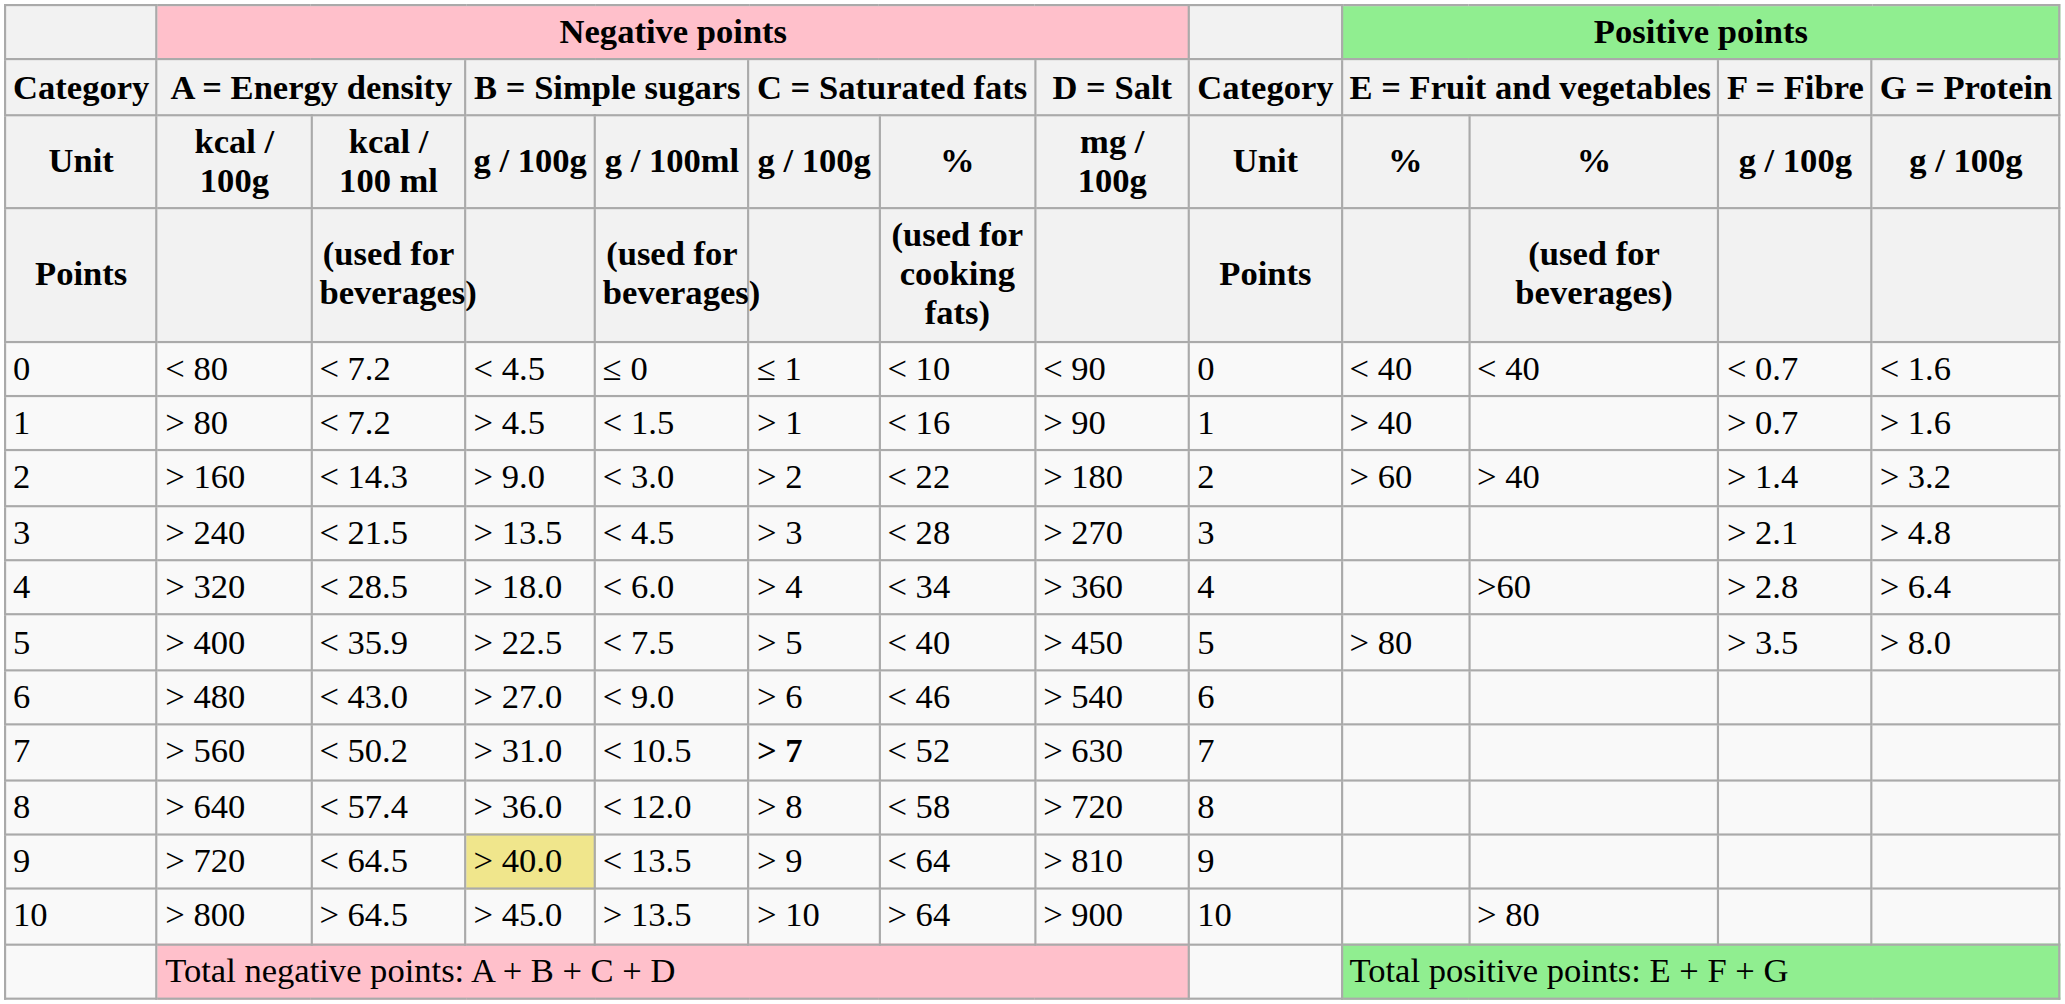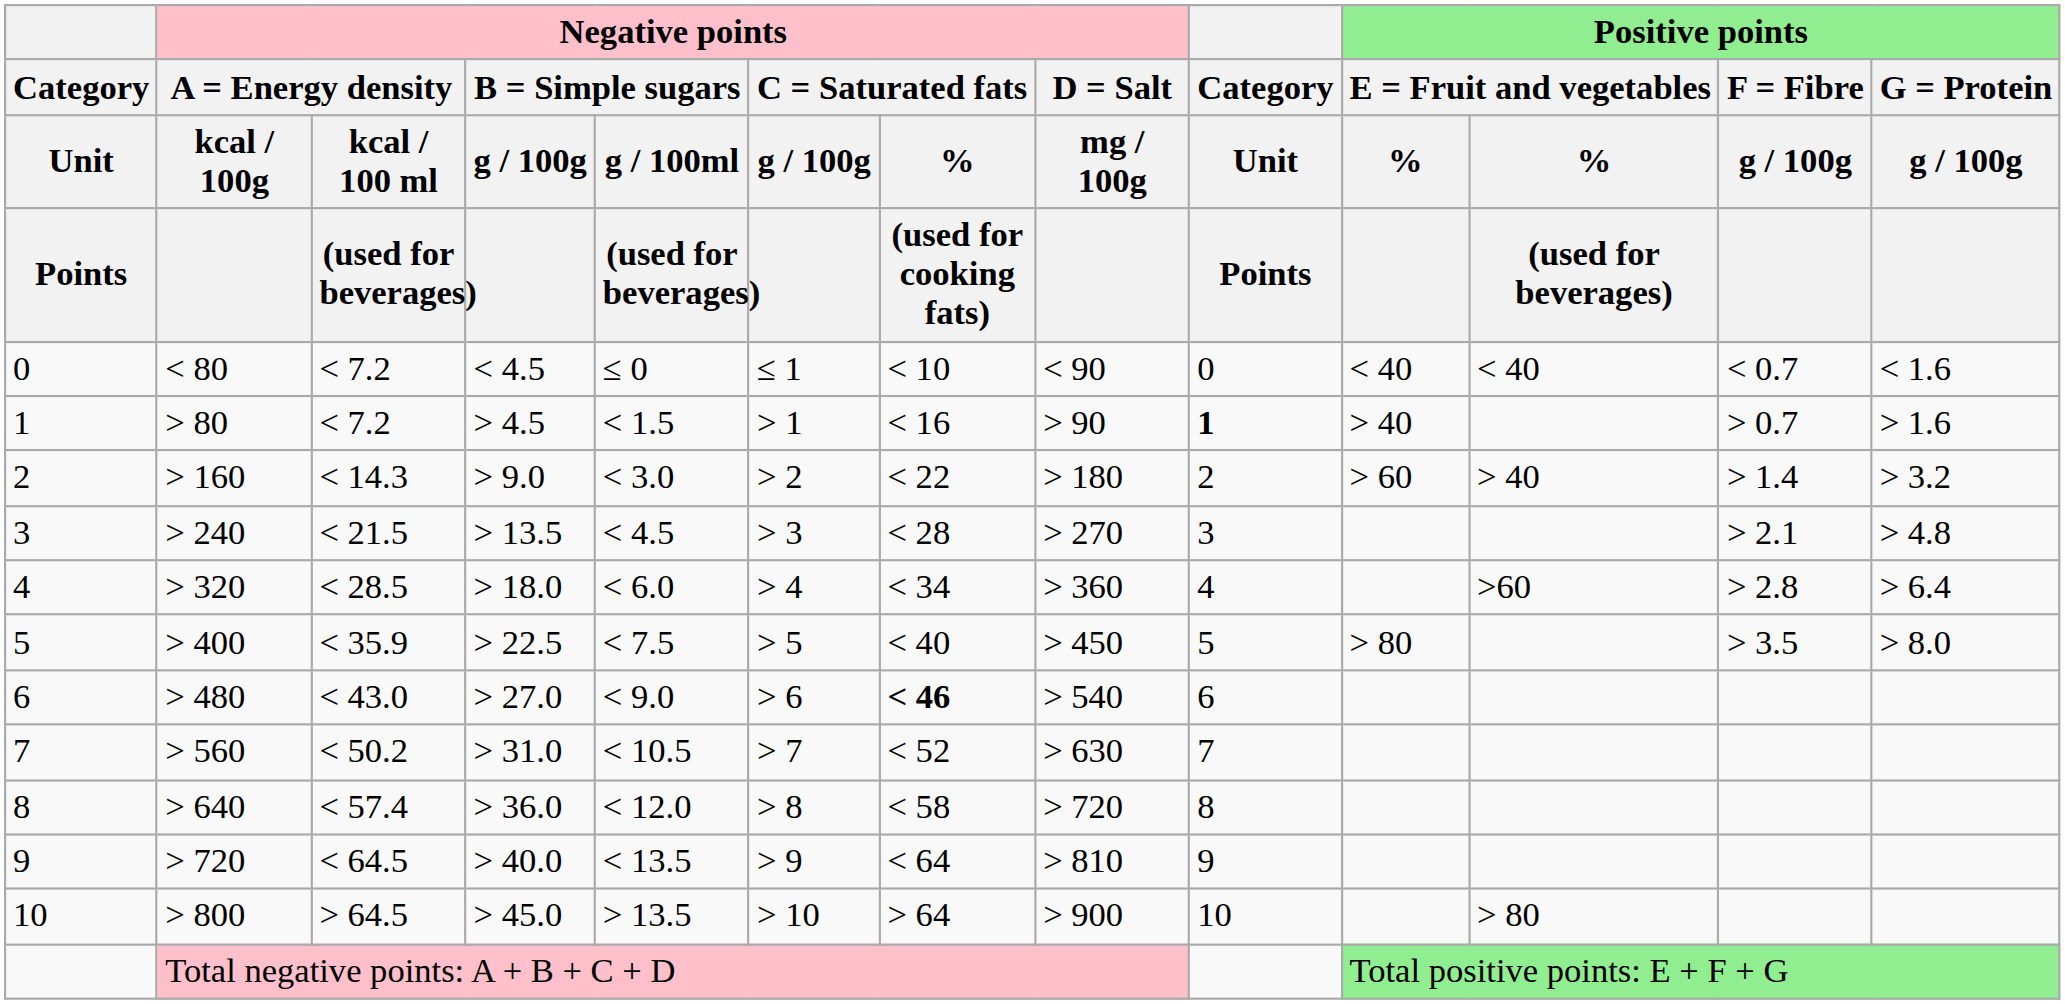 <table class="wikitable">
 <tr>
 <th></th>
 <th colspan=7 style="background-color:pink">Negative points</th>
 <th></th>
 <th colspan=4 style="background-color:#90EE90">Positive points</th>
 </tr>
 <tr>
 <th>Category</th>
 <th colspan=2>A = Energy density</th>
 <th colspan=2>B = Simple sugars</th>
 <th colspan=2>C = Saturated fats</th>
 <th>D = Salt</th>
 <th>Category</th>
 <th colspan=2>E = Fruit and vegetables</th>
 <th>F = Fibre</th>
 <th>G = Protein</th>
 </tr>
 <tr>
 <th>Unit</th>
 <th style=max-width:4em>kcal / 100g</th>
 <th style=max-width:4em>kcal / 100 ml</th>
 <th style=max-width:4em>g / 100g</th>
 <th style=max-width:4em>g / 100ml</th>
 <th style=max-width:4em>g / 100g</th>
 <th style=max-width:4em>%</th>
 <th style=max-width:4em>mg / 100g</th>
 <th>Unit</th>
 <th>%</th>
 <th>%</th>
 <th>g / 100g</th>
 <th>g / 100g</th>
 </tr>
 <tr>
 <th>Points</th>
 <th></th>
 <th style=max-width:4em>(used for beverages)</th>
 <th></th>
 <th style=max-width:4em>(used for beverages)</th>
 <th></th>
 <th style=max-width:4em>(used for cooking fats)</th>
 <th></th>
 <th>Points</th>
 <th></th>
 <th style=max-width:4em>(used for beverages)</th>
 <th></th>
 <th></th>
 </tr>
 <tr>
 <td>0</td>
 <td>< 80</td>
 <td>< 7.2</td>
 <td>< 4.5</td>
 <td>≤ 0</td>
 <td>≤ 1</td>
 <td>< 10</td>
 <td>< 90</td>
 <td>0</td>
 <td>< 40</td>
 <td>< 40</td>
 <td>< 0.7</td>
 <td>< 1.6</td>
 </tr>
 <tr>
 <td>1</td>
 <td>> 80</td>
 <td>< 7.2</td>
 <td>> 4.5</td>
 <td>< 1.5</td>
 <td>> 1</td>
 <td>< 16</td>
 <td>> 90</td>
-<td>1</td>
+<td><strong>1</strong></td>
 <td>> 40</td>
 <td></td>
 <td>> 0.7</td>
 <td>> 1.6</td>
 </tr>
 <tr>
 <td>2</td>
 <td>> 160</td>
 <td>< 14.3</td>
 <td>> 9.0</td>
 <td>< 3.0</td>
 <td>> 2</td>
 <td>< 22</td>
 <td>> 180</td>
 <td>2</td>
 <td>> 60</td>
 <td>> 40</td>
 <td>> 1.4</td>
 <td>> 3.2</td>
 </tr>
 <tr>
 <td>3</td>
 <td>> 240</td>
 <td>< 21.5</td>
 <td>> 13.5</td>
 <td>< 4.5</td>
 <td>> 3</td>
 <td>< 28</td>
 <td>> 270</td>
 <td>3</td>
 <td></td>
 <td></td>
 <td>> 2.1</td>
 <td>> 4.8</td>
 </tr>
 <tr>
 <td>4</td>
 <td>> 320</td>
 <td>< 28.5</td>
 <td>> 18.0</td>
 <td>< 6.0</td>
 <td>> 4</td>
 <td>< 34</td>
 <td>> 360</td>
 <td>4</td>
 <td></td>
 <td>>60</td>
 <td>> 2.8</td>
 <td>> 6.4</td>
 </tr>
 <tr>
 <td>5</td>
 <td>> 400</td>
 <td>< 35.9</td>
 <td>> 22.5</td>
 <td>< 7.5</td>
 <td>> 5</td>
 <td>< 40</td>
 <td>> 450</td>
 <td>5</td>
 <td>> 80</td>
 <td></td>
 <td>> 3.5</td>
 <td>> 8.0</td>
 </tr>
 <tr>
 <td>6</td>
 <td>> 480</td>
 <td>< 43.0</td>
 <td>> 27.0</td>
 <td>< 9.0</td>
 <td>> 6</td>
-<td>< 46</td>
+<td><strong>< 46</strong></td>
 <td>> 540</td>
 <td>6</td>
 <td></td>
 <td></td>
 <td></td>
 <td></td>
 </tr>
 <tr>
 <td>7</td>
 <td>> 560</td>
 <td>< 50.2</td>
 <td>> 31.0</td>
 <td>< 10.5</td>
-<td><strong>> 7</strong></td>
+<td>> 7</td>
 <td>< 52</td>
 <td>> 630</td>
 <td>7</td>
 <td></td>
 <td></td>
 <td></td>
 <td></td>
 </tr>
 <tr>
 <td>8</td>
 <td>> 640</td>
 <td>< 57.4</td>
 <td>> 36.0</td>
 <td>< 12.0</td>
 <td>> 8</td>
 <td>< 58</td>
 <td>> 720</td>
 <td>8</td>
 <td></td>
 <td></td>
 <td></td>
 <td></td>
 </tr>
 <tr>
 <td>9</td>
 <td>> 720</td>
 <td>< 64.5</td>
-<td style="background: khaki;">> 40.0</td>
+<td>> 40.0</td>
 <td>< 13.5</td>
 <td>> 9</td>
 <td>< 64</td>
 <td>> 810</td>
 <td>9</td>
 <td></td>
 <td></td>
 <td></td>
 <td></td>
 </tr>
 <tr>
 <td>10</td>
 <td>> 800</td>
 <td>> 64.5</td>
 <td>> 45.0</td>
 <td>> 13.5</td>
 <td>> 10</td>
 <td>> 64</td>
 <td>> 900</td>
 <td>10</td>
 <td></td>
 <td>> 80</td>
 <td></td>
 <td></td>
 </tr>
 <tr>
 <td></td>
 <td colspan=7 style="background-color:pink">Total negative points: A + B + C + D</td>
 <td></td>
 <td colspan=4 style="background-color:#90EE90">Total positive points: E + F + G</td>
 </tr>
 </table>
